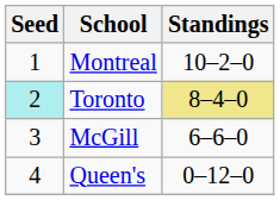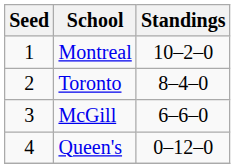 <table class="wikitable">
 <tr>
 <th>Seed</th>
 <th>School</th>
 <th>Standings</th>
 </tr>
 <tr>
 <td align=center>1</td>
 <td><a href='#'>Montreal</a></td>
 <td align=center>10–2–0</td>
 </tr>
 <tr>
-<td align=center style="background: paleturquoise;">2</td>
+<td align=center>2</td>
 <td><a href='#'>Toronto</a></td>
-<td align=center style="background: khaki;">8–4–0</td>
+<td align=center>8–4–0</td>
 </tr>
 <tr>
 <td align=center>3</td>
 <td><a href='#'>McGill</a></td>
 <td align=center>6–6–0</td>
 </tr>
 <tr>
 <td align=center>4</td>
 <td><a href='#'>Queen's</a></td>
 <td align=center>0–12–0</td>
 </tr>
 <tr>
 </tr>
 </table>
